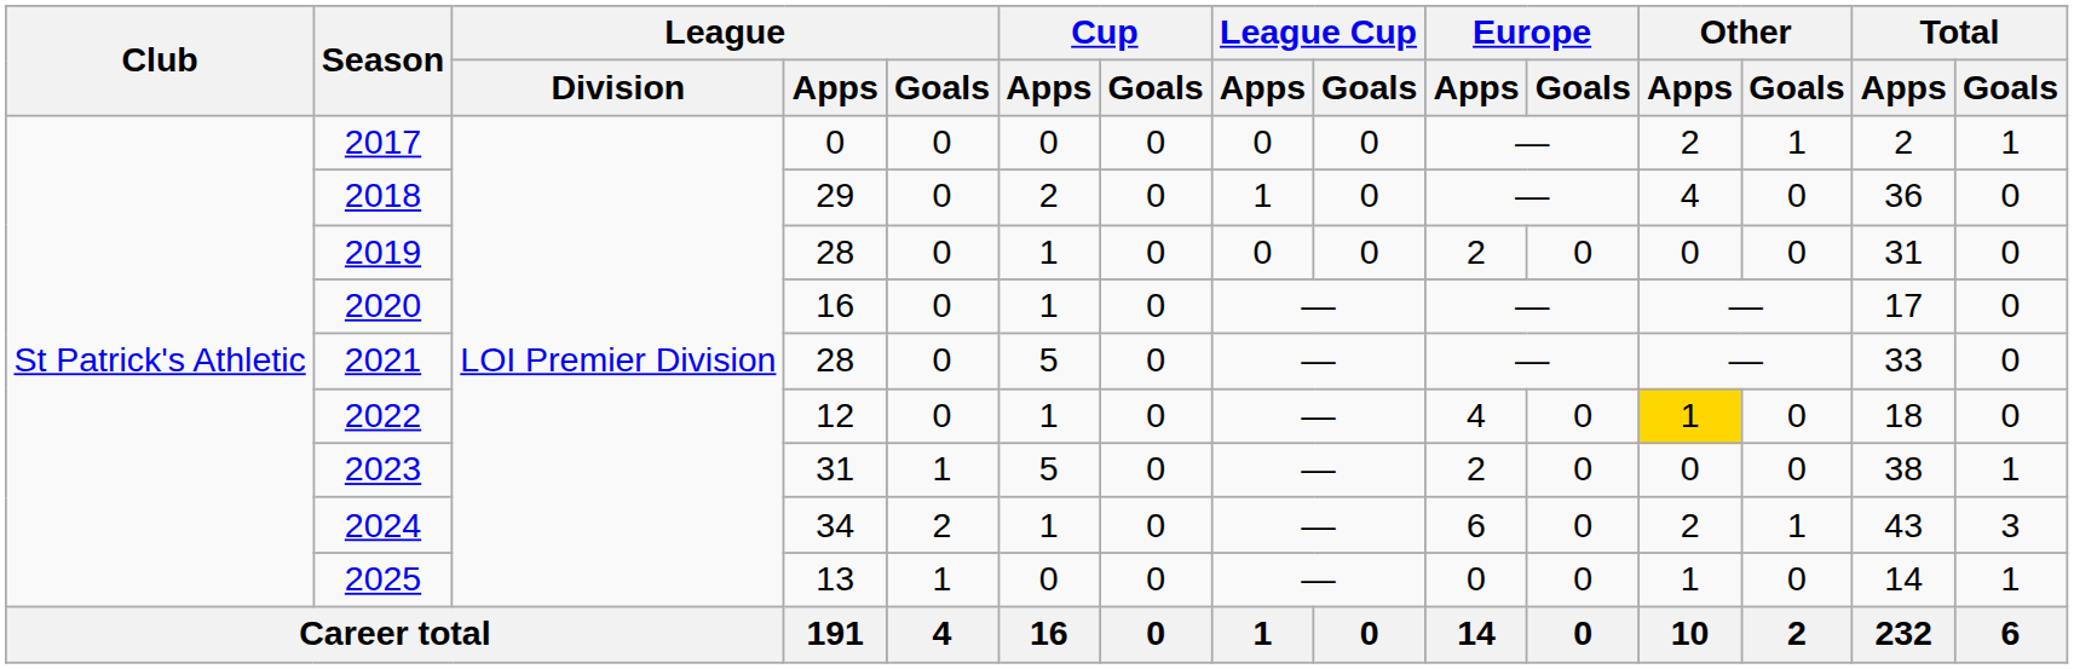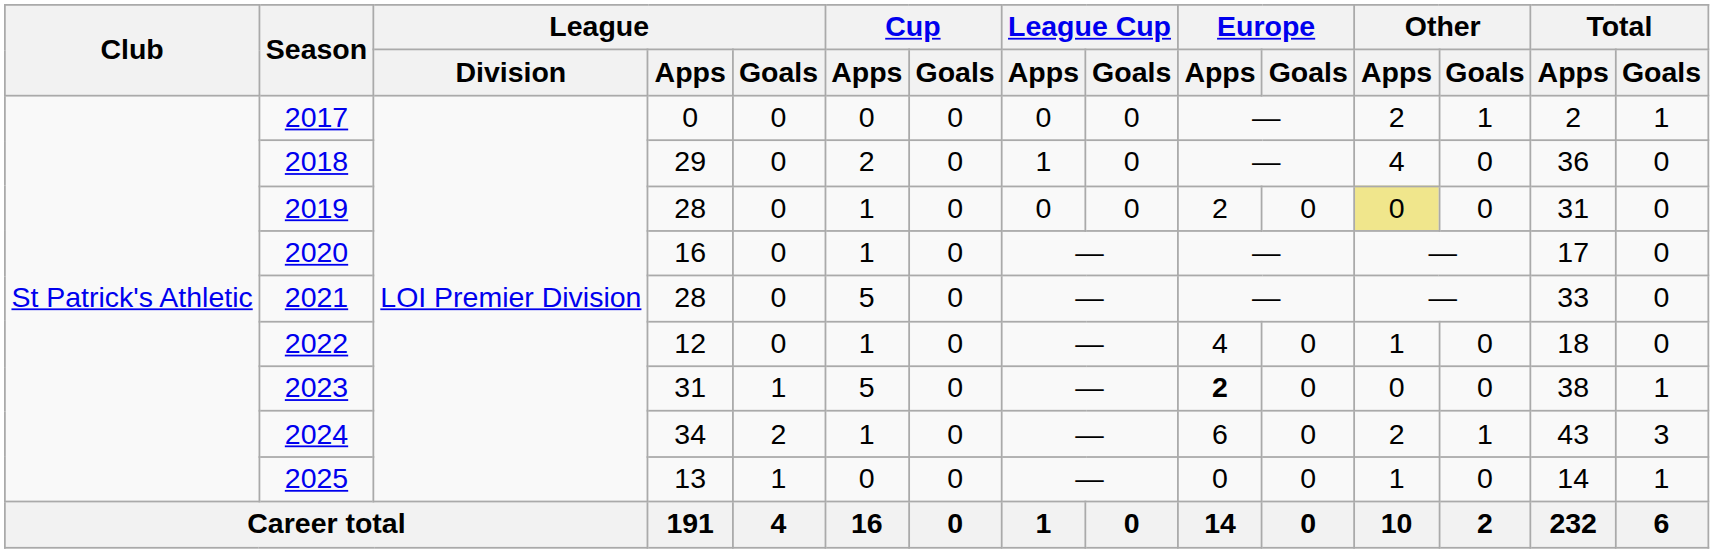 <table class="wikitable" style="text-align:center">
 <tr>
 <th rowspan="2">Club</th>
 <th rowspan="2">Season</th>
 <th colspan="3">League</th>
 <th colspan="2"><a href='#'>Cup</a></th>
 <th colspan="2"><a href='#'>League Cup</a></th>
 <th colspan="2"><a href='#'>Europe</a></th>
 <th colspan="2">Other</th>
 <th colspan="2">Total</th>
 </tr>
 <tr>
 <th>Division</th>
 <th>Apps</th>
 <th>Goals</th>
 <th>Apps</th>
 <th>Goals</th>
 <th>Apps</th>
 <th>Goals</th>
 <th>Apps</th>
 <th>Goals</th>
 <th>Apps</th>
 <th>Goals</th>
 <th>Apps</th>
 <th>Goals</th>
 </tr>
 <tr>
 <td rowspan="9"><a href='#'>St Patrick's Athletic</a></td>
 <td><a href='#'>2017</a></td>
 <td rowspan="9"><a href='#'>LOI Premier Division</a></td>
 <td>0</td>
 <td>0</td>
 <td>0</td>
 <td>0</td>
 <td>0</td>
 <td>0</td>
 <td colspan="2">—</td>
 <td>2</td>
 <td>1</td>
 <td>2</td>
 <td>1</td>
 </tr>
 <tr>
 <td><a href='#'>2018</a></td>
 <td>29</td>
 <td>0</td>
 <td>2</td>
 <td>0</td>
 <td>1</td>
 <td>0</td>
 <td colspan="2">—</td>
 <td>4</td>
 <td>0</td>
 <td>36</td>
 <td>0</td>
 </tr>
 <tr>
 <td><a href='#'>2019</a></td>
 <td>28</td>
 <td>0</td>
 <td>1</td>
 <td>0</td>
 <td>0</td>
 <td>0</td>
 <td>2</td>
 <td>0</td>
-<td>0</td>
+<td style="background: khaki;">0</td>
 <td>0</td>
 <td>31</td>
 <td>0</td>
 </tr>
 <tr>
 <td><a href='#'>2020</a></td>
 <td>16</td>
 <td>0</td>
 <td>1</td>
 <td>0</td>
 <td colspan="2">—</td>
 <td colspan="2">—</td>
 <td colspan="2">—</td>
 <td>17</td>
 <td>0</td>
 </tr>
 <tr>
 <td><a href='#'>2021</a></td>
 <td>28</td>
 <td>0</td>
 <td>5</td>
 <td>0</td>
 <td colspan="2">—</td>
 <td colspan="2">—</td>
 <td colspan="2">—</td>
 <td>33</td>
 <td>0</td>
 </tr>
 <tr>
 <td><a href='#'>2022</a></td>
 <td>12</td>
 <td>0</td>
 <td>1</td>
 <td>0</td>
 <td colspan="2">—</td>
 <td>4</td>
 <td>0</td>
-<td style="background: gold;">1</td>
+<td>1</td>
 <td>0</td>
 <td>18</td>
 <td>0</td>
 </tr>
 <tr>
 <td><a href='#'>2023</a></td>
 <td>31</td>
 <td>1</td>
 <td>5</td>
 <td>0</td>
 <td colspan="2">—</td>
-<td>2</td>
+<td><strong>2</strong></td>
 <td>0</td>
 <td>0</td>
 <td>0</td>
 <td>38</td>
 <td>1</td>
 </tr>
 <tr>
 <td><a href='#'>2024</a></td>
 <td>34</td>
 <td>2</td>
 <td>1</td>
 <td>0</td>
 <td colspan="2">—</td>
 <td>6</td>
 <td>0</td>
 <td>2</td>
 <td>1</td>
 <td>43</td>
 <td>3</td>
 </tr>
 <tr>
 <td><a href='#'>2025</a></td>
 <td>13</td>
 <td>1</td>
 <td>0</td>
 <td>0</td>
 <td colspan="2">—</td>
 <td>0</td>
 <td>0</td>
 <td>1</td>
 <td>0</td>
 <td>14</td>
 <td>1</td>
 </tr>
 <tr>
 <th colspan="3">Career total</th>
 <th>191</th>
 <th>4</th>
 <th>16</th>
 <th>0</th>
 <th>1</th>
 <th>0</th>
 <th>14</th>
 <th>0</th>
 <th>10</th>
 <th>2</th>
 <th>232</th>
 <th>6</th>
 </tr>
 </table>
